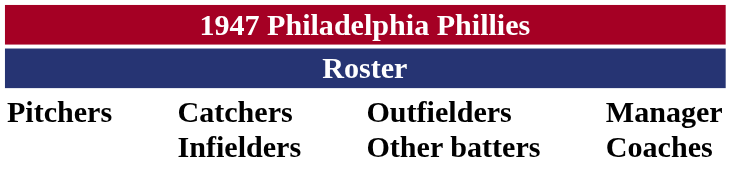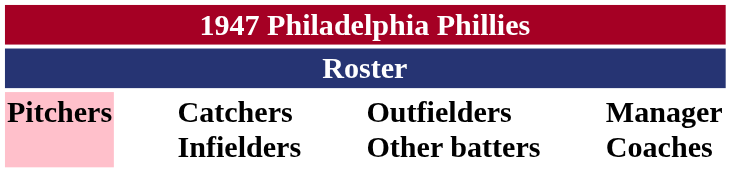 <table class="toccolours" style="font-size: 95%;">
 <tr>
 <th colspan="10" style="background-color: #A50024; color: white; text-align: center;">1947 Philadelphia Phillies</th>
 </tr>
 <tr>
 <td colspan="10" style="background-color: #263473; color: white; text-align: center;"><strong>Roster</strong></td>
 </tr>
 <tr>
-<td valign="top"><strong>Pitchers</strong><br>               </td>
+<td valign="top" style="background: pink;"><strong>Pitchers</strong><br>               </td>
 <td width="25px"></td>
 <td valign="top"><strong>Catchers</strong><br>    <strong>Infielders</strong>             </td>
 <td width="25px"></td>
 <td valign="top"><strong>Outfielders</strong><br>       <strong>Other batters</strong> </td>
 <td width="25px"></td>
 <td valign="top"><strong>Manager</strong><br> <strong>Coaches</strong>   </td>
 </tr>
 <tr>
 </tr>
 </table>
